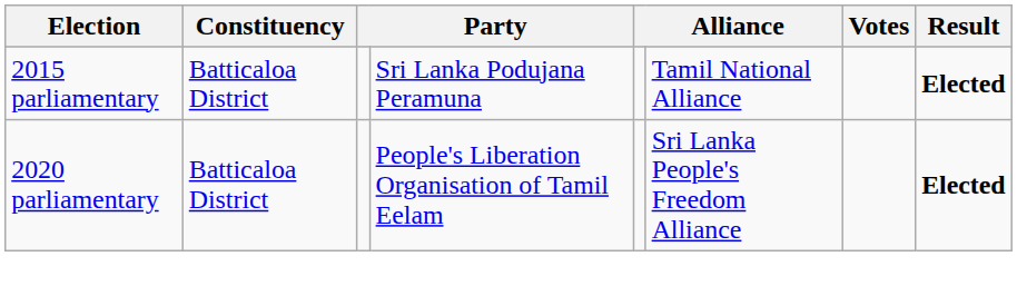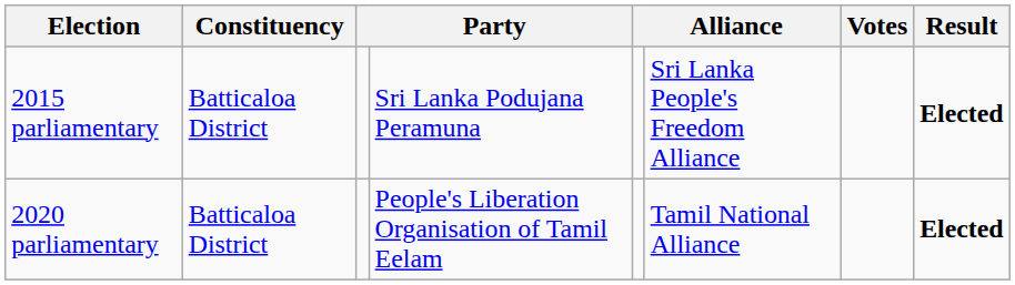 <table class="wikitable" style="text-align:left;">
 <tr>
 <th scope=col>Election</th>
 <th scope=col>Constituency</th>
 <th scope=col colspan="2">Party</th>
 <th scope=col colspan="2">Alliance</th>
 <th scope=col>Votes</th>
 <th scope=col>Result</th>
 </tr>
 <tr>
 <td><a href='#'>2015 parliamentary</a></td>
 <td><a href='#'>Batticaloa District</a></td>
 <td style="background:"></td>
 <td><a href='#'>Sri Lanka Podujana Peramuna</a></td>
 <td style="background:"></td>
-<td><a href='#'>Tamil National Alliance</a></td>
+<td><a href='#'>Sri Lanka People's Freedom Alliance</a></td>
 <td align=right></td>
 <td><strong>Elected</strong></td>
 </tr>
 <tr>
 <td><a href='#'>2020 parliamentary</a></td>
 <td><a href='#'>Batticaloa District</a></td>
 <td style="background:"></td>
 <td><a href='#'>People's Liberation Organisation of Tamil Eelam</a></td>
 <td style="background:"></td>
-<td><a href='#'>Sri Lanka People's Freedom Alliance</a></td>
+<td><a href='#'>Tamil National Alliance</a></td>
 <td align=right></td>
 <td><strong>Elected</strong></td>
 </tr>
 </table>
